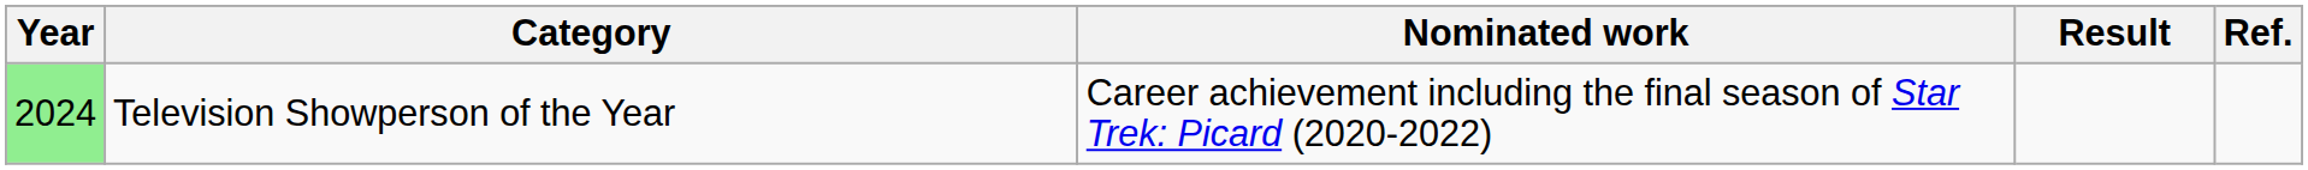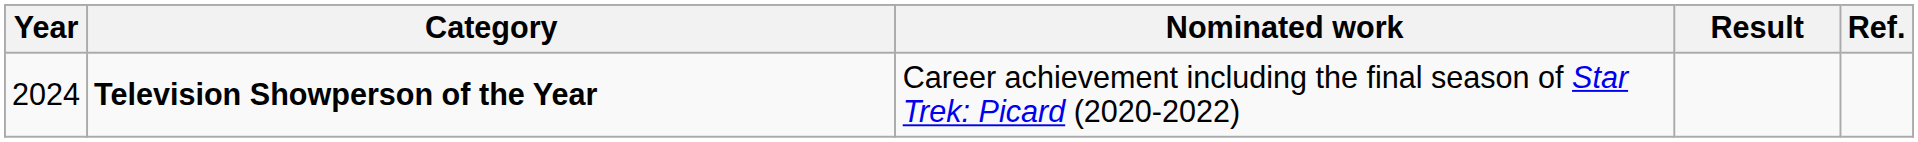 <table class="wikitable">
 <tr>
 <th scope="col" style="width:2em;">Year</th>
 <th scope="col" style="width:26em;">Category</th>
 <th scope="col" style="width:25em;">Nominated work</th>
 <th scope="col" style="width:5em;">Result</th>
 <th>Ref.</th>
 </tr>
 <tr>
-<td style="background: lightgreen;">2024</td>
-<td>Television Showperson of the Year</td>
+<td>2024</td>
+<td><strong>Television Showperson of the Year</strong></td>
 <td>Career achievement including the final season of <em><a href='#'>Star Trek: Picard</a></em> (2020-2022)</td>
 <td></td>
 <td></td>
 </tr>
 </table>
